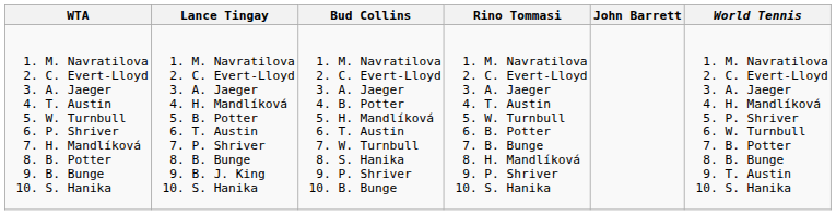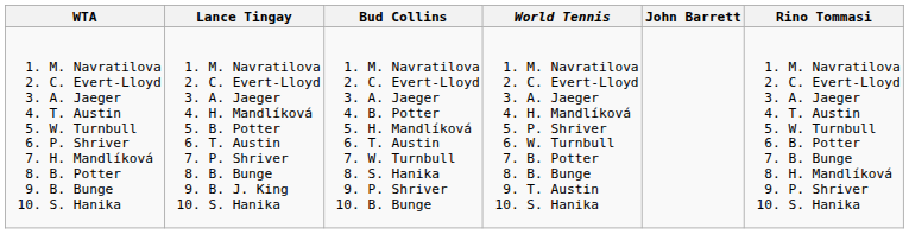 <table class="wikitable">
 <tr>
 <th>WTA</th>
 <th>Lance Tingay</th>
 <th>Bud Collins</th>
+<th><em>World Tennis</em></th>
+<th>John Barrett</th>
 <th>Rino Tommasi</th>
-<th>John Barrett</th>
-<th><em>World Tennis</em></th>
 </tr>
 <tr style="vertical-align: top;">
 <td style="white-space: nowrap;"><br><ol><li> M. Navratilova</li><li> C. Evert-Lloyd</li><li> A. Jaeger</li><li> T. Austin</li><li> W. Turnbull</li><li> P. Shriver</li><li> H. Mandlíková</li><li> B. Potter</li><li> B. Bunge</li><li> S. Hanika</li></ol></td>
 <td style="white-space: nowrap;"><br><ol><li> M. Navratilova</li><li> C. Evert-Lloyd</li><li> A. Jaeger</li><li> H. Mandlíková</li><li> B. Potter</li><li> T. Austin</li><li> P. Shriver</li><li> B. Bunge</li><li> B. J. King</li><li> S. Hanika</li></ol></td>
 <td style="white-space: nowrap;"><br><ol><li> M. Navratilova</li><li> C. Evert-Lloyd</li><li> A. Jaeger</li><li> B. Potter</li><li> H. Mandlíková</li><li> T. Austin</li><li> W. Turnbull</li><li> S. Hanika</li><li> P. Shriver</li><li> B. Bunge</li></ol></td>
+<td style="white-space: nowrap;"><br><ol><li> M. Navratilova</li><li> C. Evert-Lloyd</li><li> A. Jaeger</li><li> H. Mandlíková</li><li> P. Shriver</li><li> W. Turnbull</li><li> B. Potter</li><li> B. Bunge</li><li> T. Austin</li><li> S. Hanika</li></ol></td>
+<td></td>
 <td style="white-space: nowrap;"><br><ol><li> M. Navratilova</li><li> C. Evert-Lloyd</li><li> A. Jaeger</li><li> T. Austin</li><li> W. Turnbull</li><li> B. Potter</li><li> B. Bunge</li><li> H. Mandlíková</li><li> P. Shriver</li><li> S. Hanika</li></ol></td>
-<td></td>
-<td style="white-space: nowrap;"><br><ol><li> M. Navratilova</li><li> C. Evert-Lloyd</li><li> A. Jaeger</li><li> H. Mandlíková</li><li> P. Shriver</li><li> W. Turnbull</li><li> B. Potter</li><li> B. Bunge</li><li> T. Austin</li><li> S. Hanika</li></ol></td>
 </tr>
 </table>
